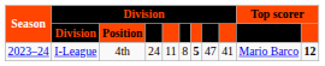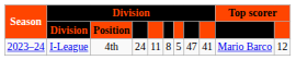 <table class="wikitable" style="text-align:center;border:1px solid #FF4500;">
 <tr>
 <th scope="col" rowspan="2" style="background:#FF4500; color:#FFFFFF;">Season</th>
 <th colspan=8 class="unsortable" style="background:#000000; color:#FF4500;">Division</th>
 <th class="unsortable" colspan=2 style="background:#FF4500; color:#000000;">Top scorer</th>
 </tr>
 <tr>
 <th style="background:#000000; color:#FF4500;">Division</th>
 <th style="background:#FF4500; color:#000000;">Position</th>
 <th style="background:#000000; color:#FF4500;"></th>
 <th style="background:#FF4500; color:#000000;"></th>
 <th style="background:#000000; color:#FF4500;"></th>
 <th style="background:#FF4500; color:#000000;"></th>
 <th style="background:#000000; color:#FF4500;"></th>
 <th style="background:#FF4500; color:#000000;"></th>
 <th style="background:#000000; color:#FF4500;"></th>
 <th style="background:#FF4500; color:#000000;"></th>
 </tr>
 <tr>
 <td><a href='#'>2023–24</a></td>
 <td rowspan="1"><a href='#'>I-League</a></td>
 <td>4th</td>
 <td>24</td>
 <td>11</td>
 <td>8</td>
-<td><strong>5</strong></td>
+<td>5</td>
 <td>47</td>
 <td>41</td>
 <td> <a href='#'>Mario Barco</a></td>
-<td><strong>12</strong></td>
+<td>12</td>
 </tr>
 </table>
